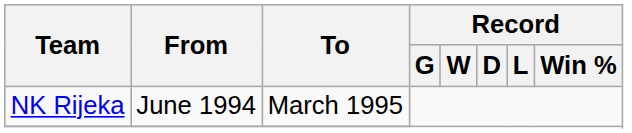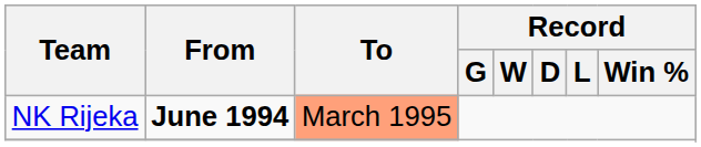 <table class="wikitable sortable">
 <tr>
 <th rowspan="2">Team</th>
 <th rowspan="2">From</th>
 <th rowspan="2">To</th>
 <th colspan="5">Record</th>
 </tr>
 <tr>
 <th>G</th>
 <th>W</th>
 <th>D</th>
 <th>L</th>
 <th>Win %</th>
 </tr>
 <tr>
 <td><a href='#'>NK Rijeka</a></td>
-<td>June 1994</td>
-<td>March 1995<br></td>
+<td><strong>June 1994</strong></td>
+<td style="background: lightsalmon;">March 1995<br></td>
 </tr>
 <tr>
 </tr>
 </table>
